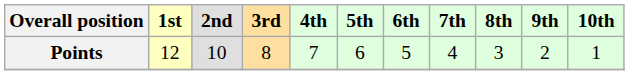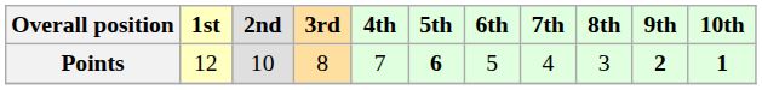 <table class="wikitable" style="font-size:85%; text-align:center">
 <tr>
 <th>Overall position</th>
 <td style="background:#ffffbf;"> <strong>1st</strong> </td>
 <td style="background:#dfdfdf;"> <strong>2nd</strong> </td>
 <td style="background:#ffdf9f;"> <strong>3rd</strong> </td>
 <td style="background:#dfffdf;"> <strong>4th</strong> </td>
 <td style="background:#dfffdf;"> <strong>5th</strong> </td>
 <td style="background:#dfffdf;"> <strong>6th</strong> </td>
 <td style="background:#dfffdf;"> <strong>7th</strong> </td>
 <td style="background:#dfffdf;"> <strong>8th</strong> </td>
 <td style="background:#dfffdf;"> <strong>9th</strong> </td>
 <td style="background:#dfffdf;"> <strong>10th</strong> </td>
 </tr>
 <tr>
 <th>Points</th>
 <td style="background:#ffffbf;">12</td>
 <td style="background:#dfdfdf;">10</td>
 <td style="background:#ffdf9f;">8</td>
 <td style="background:#dfffdf;">7</td>
-<td style="background:#dfffdf;">6</td>
+<td style="background:#dfffdf;"><strong>6</strong></td>
 <td style="background:#dfffdf;">5</td>
 <td style="background:#dfffdf;">4</td>
 <td style="background:#dfffdf;">3</td>
-<td style="background:#dfffdf;">2</td>
-<td style="background:#dfffdf;">1</td>
+<td style="background:#dfffdf;"><strong>2</strong></td>
+<td style="background:#dfffdf;"><strong>1</strong></td>
 </tr>
 <tr>
 </tr>
 </table>
